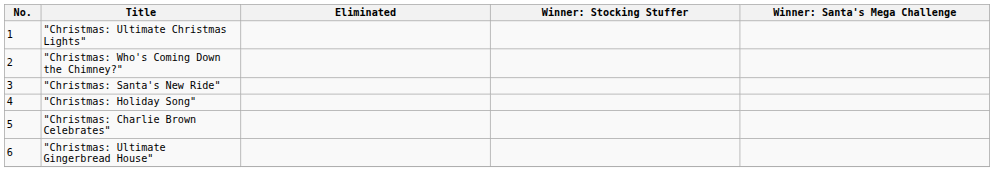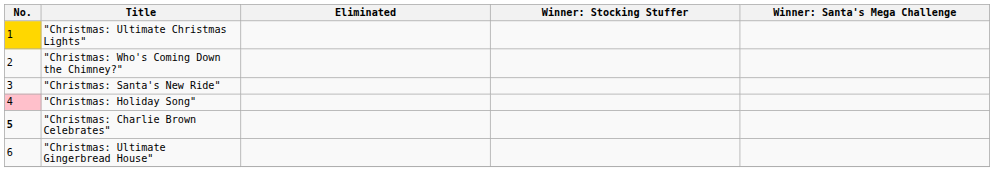 <table class="wikitable plainrowheaders" style="width:100%;">
 <tr>
 <th width=2%>No.</th>
 <th width=12%>Title</th>
 <th width=15%>Eliminated</th>
 <th width=15%>Winner: Stocking Stuffer</th>
 <th width=15%>Winner: Santa's Mega Challenge</th>
 </tr>
 <tr>
-<td>1</td>
+<td style="background: gold;">1</td>
 <td>"Christmas: Ultimate Christmas Lights"</td>
 <td></td>
 <td></td>
 <td></td>
 </tr>
 <tr>
 <td>2</td>
 <td>"Christmas: Who's Coming Down the Chimney?"</td>
 <td></td>
 <td></td>
 <td></td>
 </tr>
 <tr>
 <td>3</td>
 <td>"Christmas: Santa's New Ride"</td>
 <td></td>
 <td></td>
 <td></td>
 </tr>
 <tr>
-<td>4</td>
+<td style="background: pink;">4</td>
 <td>"Christmas: Holiday Song"</td>
 <td></td>
 <td></td>
 <td></td>
 </tr>
 <tr>
-<td>5</td>
+<td><strong>5</strong></td>
 <td>"Christmas: Charlie Brown Celebrates"</td>
 <td></td>
 <td></td>
 <td></td>
 </tr>
 <tr>
 <td>6</td>
 <td>"Christmas: Ultimate Gingerbread House"</td>
 <td></td>
 <td></td>
 <td></td>
 </tr>
 <tr>
 </tr>
 </table>
